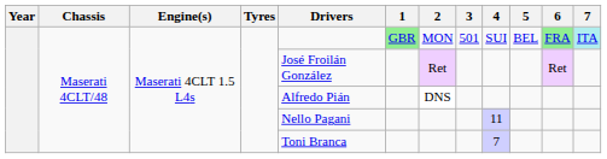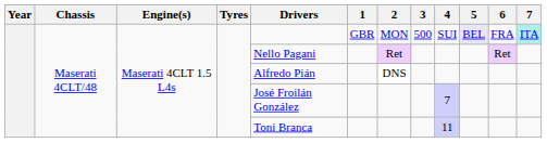 <table class="wikitable" style="text-align:center; font-size:85%">
 <tr>
 <th>Year</th>
 <th>Chassis</th>
 <th>Engine(s)</th>
 <th>Tyres</th>
 <th>Drivers</th>
 <th>1</th>
 <th>2</th>
 <th>3</th>
 <th>4</th>
 <th>5</th>
 <th>6</th>
 <th>7</th>
 </tr>
 <tr>
 <th rowspan="5"></th>
 <td rowspan="5"><a href='#'>Maserati</a> <a href='#'>4CLT/48</a></td>
 <td rowspan="5"><a href='#'>Maserati</a> 4CLT 1.5 <a href='#'>L4</a><a href='#'>s</a></td>
 <td rowspan="5"></td>
 <td></td>
-<td style="background: lightgreen;"><a href='#'>GBR</a></td>
+<td><a href='#'>GBR</a></td>
 <td><a href='#'>MON</a></td>
-<td><a href='#'>501</a></td>
+<td><a href='#'>500</a></td>
 <td><a href='#'>SUI</a></td>
-<td><a href='#'>BEL</a></td>
-<td style="background: lightgreen;"><a href='#'>FRA</a></td>
+<td style="background: lavender;"><a href='#'>BEL</a></td>
+<td><a href='#'>FRA</a></td>
 <td style="background: paleturquoise;"><a href='#'>ITA</a></td>
 </tr>
 <tr>
-<td align="left"> <a href='#'>José Froilán González</a></td>
+<td align="left"> <a href='#'>Nello Pagani</a></td>
 <td></td>
 <td style="background:#EFCFFF;">Ret</td>
 <td></td>
 <td></td>
 <td></td>
 <td style="background:#EFCFFF;">Ret</td>
 <td></td>
 </tr>
 <tr>
 <td align="left"> <a href='#'>Alfredo Pián</a></td>
 <td></td>
 <td style="background:#FFFFFF;">DNS</td>
 <td></td>
 <td></td>
 <td></td>
 <td></td>
 <td></td>
 </tr>
 <tr>
-<td align="left"> <a href='#'>Nello Pagani</a></td>
+<td align="left"> <a href='#'>José Froilán González</a></td>
 <td></td>
 <td></td>
 <td></td>
-<td style="background:#CFCFFF;">11</td>
+<td style="background:#CFCFFF;">7</td>
 <td></td>
 <td></td>
 <td></td>
 </tr>
 <tr>
 <td align="left"> <a href='#'>Toni Branca</a></td>
 <td></td>
 <td></td>
 <td></td>
-<td style="background:#CFCFFF;">7</td>
+<td style="background:#CFCFFF;">11</td>
 <td></td>
 <td></td>
 <td></td>
 </tr>
 </table>
